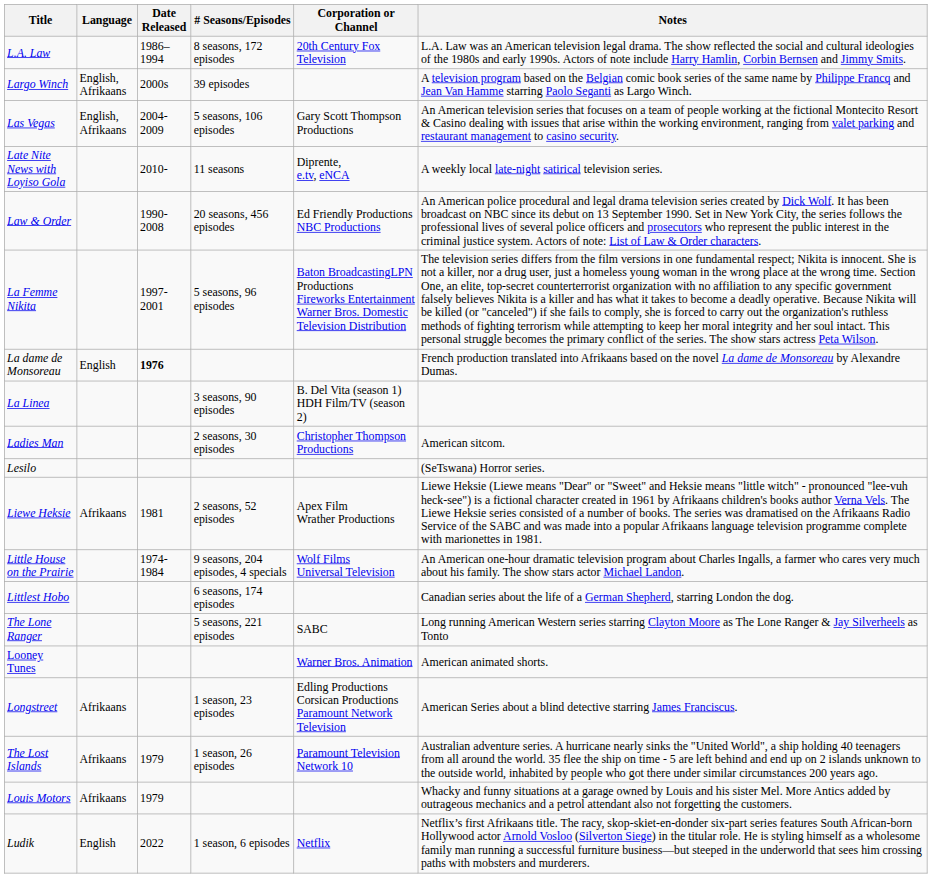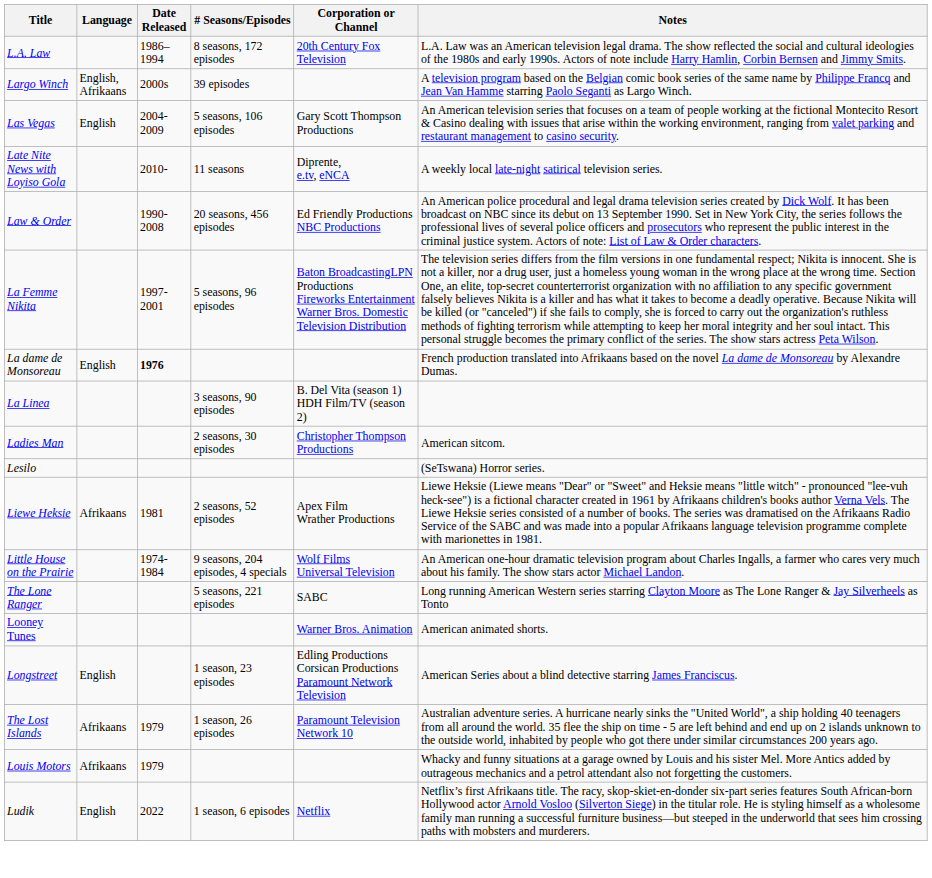 <table class="wikitable sortable">
 <tr>
 <th>Title</th>
 <th>Language</th>
 <th>Date Released</th>
 <th># Seasons/Episodes</th>
 <th>Corporation or Channel</th>
 <th>Notes</th>
 </tr>
 <tr>
 <td><em><a href='#'>L.A. Law</a></em></td>
 <td></td>
 <td>1986–1994</td>
 <td>8 seasons, 172 episodes</td>
 <td><a href='#'>20th Century Fox Television</a></td>
 <td>L.A. Law was an American television legal drama. The show reflected the social and cultural ideologies of the 1980s and early 1990s. Actors of note include <a href='#'>Harry Hamlin</a>, <a href='#'>Corbin Bernsen</a> and <a href='#'>Jimmy Smits</a>.</td>
 </tr>
 <tr>
 <td><em><a href='#'>Largo Winch</a></em></td>
 <td>English, Afrikaans</td>
 <td>2000s</td>
 <td>39 episodes</td>
 <td></td>
 <td>A <a href='#'>television program</a> based on the <a href='#'>Belgian</a> comic book series of the same name by <a href='#'>Philippe Francq</a> and <a href='#'>Jean Van Hamme</a> starring <a href='#'>Paolo Seganti</a> as Largo Winch.</td>
 </tr>
 <tr>
 <td><em><a href='#'>Las Vegas</a></em></td>
-<td>English, Afrikaans</td>
+<td>English</td>
 <td>2004-2009</td>
 <td>5 seasons, 106 episodes</td>
 <td>Gary Scott Thompson Productions</td>
 <td>An American television series that focuses on a team of people working at the fictional Montecito Resort & Casino dealing with issues that arise within the working environment, ranging from <a href='#'>valet parking</a> and <a href='#'>restaurant management</a> to <a href='#'>casino security</a>.</td>
 </tr>
 <tr>
 <td><em><a href='#'>Late Nite News with Loyiso Gola</a></em></td>
 <td></td>
 <td>2010-</td>
 <td>11 seasons</td>
 <td>Diprente,<br><a href='#'>e.tv</a>, <a href='#'>eNCA</a></td>
 <td>A weekly local <a href='#'>late-night</a> <a href='#'>satirical</a> television series.</td>
 </tr>
 <tr>
 <td><em><a href='#'>Law & Order</a></em></td>
 <td></td>
 <td>1990-2008</td>
 <td>20 seasons, 456 episodes</td>
 <td>Ed Friendly Productions<br><a href='#'>NBC Productions</a></td>
 <td>An American police procedural and legal drama television series created by <a href='#'>Dick Wolf</a>. It has been broadcast on NBC since its debut on 13 September 1990. Set in New York City, the series follows the professional lives of several police officers and <a href='#'>prosecutors</a> who represent the public interest in the criminal justice system. Actors of note: <a href='#'>List of Law & Order characters</a>.</td>
 </tr>
 <tr>
 <td><em><a href='#'>La Femme Nikita</a></em></td>
 <td></td>
 <td>1997-2001</td>
 <td>5 seasons, 96 episodes</td>
 <td><a href='#'>Baton BroadcastingLPN</a> Productions<br><a href='#'>Fireworks Entertainment</a> <a href='#'>Warner Bros. Domestic Television Distribution</a></td>
 <td>The television series differs from the film versions in one fundamental respect; Nikita is innocent. She is not a killer, nor a drug user, just a homeless young woman in the wrong place at the wrong time. Section One, an elite, top-secret counterterrorist organization with no affiliation to any specific government falsely believes Nikita is a killer and has what it takes to become a deadly operative. Because Nikita will be killed (or "canceled") if she fails to comply, she is forced to carry out the organization's ruthless methods of fighting terrorism while attempting to keep her moral integrity and her soul intact. This personal struggle becomes the primary conflict of the series. The show stars actress <a href='#'>Peta Wilson</a>.</td>
 </tr>
 <tr>
 <td><em>La dame de Monsoreau</em></td>
 <td>English</td>
 <td><strong>1976</strong></td>
 <td></td>
 <td></td>
 <td>French production translated into Afrikaans based on the novel <em><a href='#'>La dame de Monsoreau</a></em> by Alexandre Dumas.</td>
 </tr>
 <tr>
 <td><em><a href='#'>La Linea</a></em></td>
 <td></td>
 <td></td>
 <td>3 seasons, 90 episodes</td>
 <td>B. Del Vita (season 1)<br>HDH Film/TV (season 2)</td>
 <td></td>
 </tr>
 <tr>
 <td><em><a href='#'>Ladies Man</a></em></td>
 <td></td>
 <td></td>
 <td>2 seasons, 30 episodes</td>
 <td><a href='#'>Christopher Thompson Productions</a></td>
 <td>American sitcom.</td>
 </tr>
 <tr>
 <td><em>Lesilo</em></td>
 <td></td>
 <td></td>
 <td></td>
 <td></td>
 <td>(SeTswana) Horror series.</td>
 </tr>
 <tr>
 <td><em><a href='#'>Liewe Heksie</a></em></td>
 <td>Afrikaans</td>
 <td>1981</td>
 <td>2 seasons, 52 episodes</td>
 <td>Apex Film<br>Wrather Productions</td>
 <td>Liewe Heksie (Liewe means "Dear" or "Sweet" and Heksie means "little witch" - pronounced "lee-vuh heck-see") is a fictional character created in 1961 by Afrikaans children's books author <a href='#'>Verna Vels</a>. The Liewe Heksie series consisted of a number of books. The series was dramatised on the Afrikaans Radio Service of the SABC and was made into a popular Afrikaans language television programme complete with marionettes in 1981.</td>
 </tr>
 <tr>
 <td><em><a href='#'>Little House on the Prairie</a></em></td>
 <td></td>
 <td>1974-1984</td>
 <td>9 seasons, 204 episodes, 4 specials</td>
 <td><a href='#'>Wolf Films</a><br><a href='#'>Universal Television</a></td>
 <td>An American one-hour dramatic television program about Charles Ingalls, a farmer who cares very much about his family. The show stars actor <a href='#'>Michael Landon</a>.</td>
 </tr>
 <tr>
-<td><em><a href='#'>Littlest Hobo</a></em></td>
-<td></td>
-<td></td>
-<td>6 seasons, 174 episodes</td>
-<td></td>
-<td>Canadian series about the life of a <a href='#'>German Shepherd</a>, starring London the dog.</td>
-</tr>
-<tr>
 <td><em><a href='#'>The Lone Ranger</a></em></td>
 <td></td>
 <td></td>
 <td>5 seasons, 221 episodes</td>
 <td>SABC</td>
 <td>Long running American Western series starring <a href='#'>Clayton Moore</a> as The Lone Ranger & <a href='#'>Jay Silverheels</a> as Tonto</td>
 </tr>
 <tr>
 <td><a href='#'>Looney Tunes</a></td>
 <td></td>
 <td></td>
 <td></td>
 <td><a href='#'>Warner Bros. Animation</a></td>
 <td>American animated shorts.</td>
 </tr>
 <tr>
 <td><em><a href='#'>Longstreet</a></em></td>
-<td>Afrikaans</td>
+<td>English</td>
 <td></td>
 <td>1 season, 23 episodes</td>
 <td>Edling Productions<br>Corsican Productions <a href='#'>Paramount Network Television</a></td>
 <td>American Series about a blind detective starring <a href='#'>James Franciscus</a>.</td>
 </tr>
 <tr>
 <td><em><a href='#'>The Lost Islands</a></em></td>
 <td>Afrikaans</td>
 <td>1979</td>
 <td>1 season, 26 episodes</td>
 <td><a href='#'>Paramount Television</a> <a href='#'>Network 10</a></td>
 <td>Australian adventure series. A hurricane nearly sinks the "United World", a ship holding 40 teenagers from all around the world. 35 flee the ship on time - 5 are left behind and end up on 2 islands unknown to the outside world, inhabited by people who got there under similar circumstances 200 years ago.</td>
 </tr>
 <tr>
 <td><em><a href='#'>Louis Motors</a></em></td>
 <td>Afrikaans</td>
 <td>1979</td>
 <td></td>
 <td></td>
 <td>Whacky and funny situations at a garage owned by Louis and his sister Mel. More Antics added by outrageous mechanics and a petrol attendant also not forgetting the customers.</td>
 </tr>
 <tr>
 <td><em>Ludik</em></td>
 <td>English</td>
 <td>2022</td>
 <td>1 season, 6 episodes</td>
 <td><a href='#'>Netflix</a></td>
 <td>Netflix’s first Afrikaans title. The racy, skop-skiet-en-donder six-part series features South African-born Hollywood actor <a href='#'>Arnold Vosloo</a> (<a href='#'>Silverton Siege</a>) in the titular role. He is styling himself as a wholesome family man running a successful furniture business—but steeped in the underworld that sees him crossing paths with mobsters and murderers.</td>
 </tr>
 </table>
